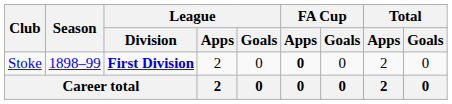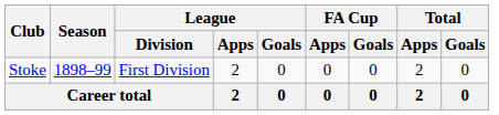 <table class="wikitable" style="text-align: center;">
 <tr>
 <th rowspan="2">Club</th>
 <th rowspan="2">Season</th>
 <th colspan="3">League</th>
 <th colspan="2">FA Cup</th>
 <th colspan="2">Total</th>
 </tr>
 <tr>
 <th>Division</th>
 <th>Apps</th>
 <th>Goals</th>
 <th>Apps</th>
 <th>Goals</th>
 <th>Apps</th>
 <th>Goals</th>
 </tr>
 <tr>
 <td><a href='#'>Stoke</a></td>
 <td><a href='#'>1898–99</a></td>
-<td><strong><a href='#'>First Division</a></strong></td>
+<td><a href='#'>First Division</a></td>
 <td>2</td>
 <td>0</td>
-<td><strong>0</strong></td>
+<td>0</td>
 <td>0</td>
 <td>2</td>
 <td>0</td>
 </tr>
 <tr>
 <th colspan="3">Career total</th>
 <th>2</th>
 <th>0</th>
 <th>0</th>
 <th>0</th>
 <th>2</th>
 <th>0</th>
 </tr>
 </table>
